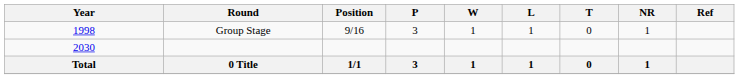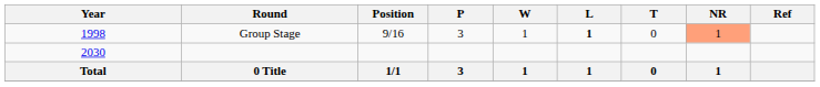 <table class="wikitable" style="text-align: center; width:85%">
 <tr>
 <th width="150">Year</th>
 <th width="150">Round</th>
 <th width="50">Position</th>
 <th width="50">P</th>
 <th width="50">W</th>
 <th width="50">L</th>
 <th width="50">T</th>
 <th width="50">NR</th>
 <th width=50>Ref</th>
 </tr>
 <tr>
 <td> <a href='#'>1998</a></td>
 <td>Group Stage</td>
 <td>9/16</td>
 <td>3</td>
 <td>1</td>
-<td>1</td>
+<td><strong>1</strong></td>
 <td>0</td>
-<td>1</td>
+<td style="background: lightsalmon;">1</td>
 <td></td>
 </tr>
 <tr>
 <td> <a href='#'>2030</a></td>
 <td></td>
 <td></td>
 <td></td>
 <td></td>
 <td></td>
 <td></td>
 <td></td>
 <td></td>
 </tr>
 <tr>
 <th>Total</th>
 <th>0 Title</th>
 <th>1/1</th>
 <th>3</th>
 <th>1</th>
 <th>1</th>
 <th>0</th>
 <th>1</th>
 <th></th>
 </tr>
 <tr>
 </tr>
 </table>
